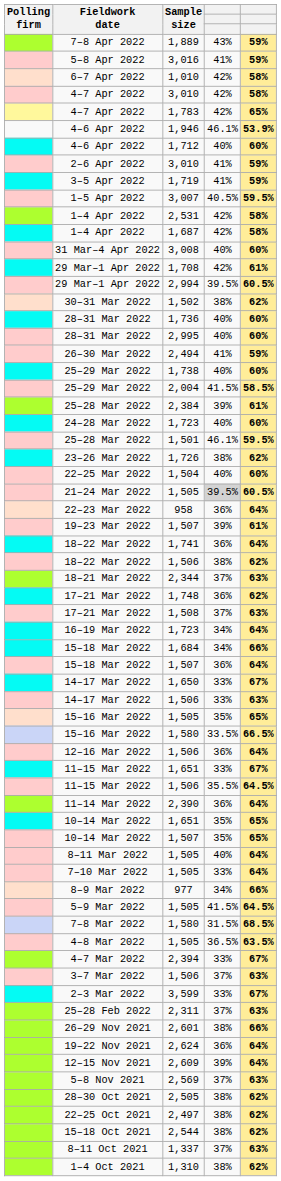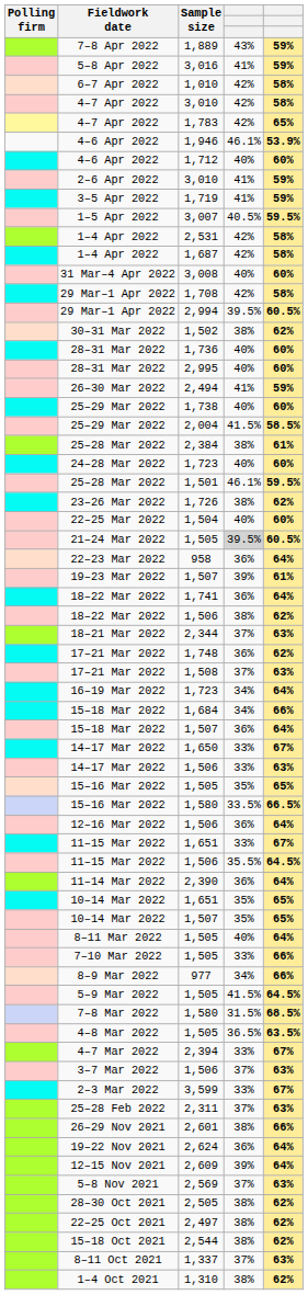 <table class="wikitable mw-collapsible mw-collapsed" style="text-align:center;font-size:90%;line-height:14px;">
 <tr>
 <th rowspan="3">Polling<br>firm</th>
 <th rowspan="3">Fieldwork<br>date</th>
 <th rowspan="3">Sample<br>size</th>
 <th></th>
 <th></th>
 </tr>
 <tr>
 <th></th>
 <th></th>
 </tr>
 <tr>
 <th style="background:"></th>
 <th style="background:"></th>
 </tr>
 <tr>
 <td style="background:greenyellow;"></td>
 <td>7–8 Apr 2022</td>
 <td>1,889</td>
 <td>43%</td>
 <td style="background:#FFED99;"><strong>59%</strong></td>
 </tr>
 <tr>
 <td style="background:#FFCCCC;"></td>
 <td>5–8 Apr 2022</td>
 <td>3,016</td>
 <td>41%</td>
 <td style="background:#FFED99;"><strong>59%</strong></td>
 </tr>
 <tr>
 <td style="background:#FFDFCC;"></td>
 <td>6–7 Apr 2022</td>
 <td>1,010</td>
 <td>42%</td>
 <td style="background:#FFED99;"><strong>58%</strong></td>
 </tr>
 <tr>
 <td style="background:#FFCCCC;"></td>
 <td>4–7 Apr 2022</td>
 <td>3,010</td>
 <td>42%</td>
 <td style="background:#FFED99;"><strong>58%</strong></td>
 </tr>
 <tr>
 <td style="background:#fff89c;"></td>
 <td>4–7 Apr 2022</td>
 <td>1,783</td>
 <td>42%</td>
 <td style="background:#FFED99;"><strong>65%</strong></td>
 </tr>
 <tr>
 <td></td>
 <td>4–6 Apr 2022</td>
 <td>1,946</td>
 <td>46.1%</td>
 <td style="background:#FFED99;"><strong>53.9%</strong></td>
 </tr>
 <tr>
 <td style="background:#04FBF4;"></td>
 <td>4–6 Apr 2022</td>
 <td>1,712</td>
 <td>40%</td>
 <td style="background:#FFED99;"><strong>60%</strong></td>
 </tr>
 <tr>
 <td style="background:#FFCCCC;"></td>
 <td>2–6 Apr 2022</td>
 <td>3,010</td>
 <td>41%</td>
 <td style="background:#FFED99;"><strong>59%</strong></td>
 </tr>
 <tr>
 <td style="background:#04FBF4;"></td>
 <td>3–5 Apr 2022</td>
 <td>1,719</td>
 <td>41%</td>
 <td style="background:#FFED99;"><strong>59%</strong></td>
 </tr>
 <tr>
 <td style="background:#FFCCCC;"></td>
 <td>1–5 Apr 2022</td>
 <td>3,007</td>
 <td>40.5%</td>
 <td style="background:#FFED99;"><strong>59.5%</strong></td>
 </tr>
 <tr>
 <td style="background:greenyellow;"></td>
 <td>1–4 Apr 2022</td>
 <td>2,531</td>
 <td>42%</td>
 <td style="background:#FFED99;"><strong>58%</strong></td>
 </tr>
 <tr>
 <td style="background:#04FBF4;"></td>
 <td>1–4 Apr 2022</td>
 <td>1,687</td>
 <td>42%</td>
 <td style="background:#FFED99;"><strong>58%</strong></td>
 </tr>
 <tr>
 <td style="background:#FFCCCC;"></td>
 <td>31 Mar–4 Apr 2022</td>
 <td>3,008</td>
 <td>40%</td>
 <td style="background:#FFED99;"><strong>60%</strong></td>
 </tr>
 <tr>
 <td style="background:#04FBF4;"></td>
 <td>29 Mar–1 Apr 2022</td>
 <td>1,708</td>
 <td>42%</td>
-<td style="background:#FFED99;"><strong>61%</strong></td>
+<td style="background:#FFED99;"><strong>58%</strong></td>
 </tr>
 <tr>
 <td style="background:#FFCCCC;"></td>
 <td>29 Mar–1 Apr 2022</td>
 <td>2,994</td>
 <td>39.5%</td>
 <td style="background:#FFED99;"><strong>60.5%</strong></td>
 </tr>
 <tr>
 <td style="background:#FFDFCC;"></td>
 <td>30–31 Mar 2022</td>
 <td>1,502</td>
 <td>38%</td>
 <td style="background:#FFED99;"><strong>62%</strong></td>
 </tr>
 <tr>
 <td style="background:#04FBF4;"></td>
 <td>28–31 Mar 2022</td>
 <td>1,736</td>
 <td>40%</td>
 <td style="background:#FFED99;"><strong>60%</strong></td>
 </tr>
 <tr>
 <td style="background:#FFCCCC;"></td>
 <td>28–31 Mar 2022</td>
 <td>2,995</td>
 <td>40%</td>
 <td style="background:#FFED99;"><strong>60%</strong></td>
 </tr>
 <tr>
 <td style="background:#FFCCCC;"></td>
 <td>26–30 Mar 2022</td>
 <td>2,494</td>
 <td>41%</td>
 <td style="background:#FFED99;"><strong>59%</strong></td>
 </tr>
 <tr>
 <td style="background:#04FBF4;"></td>
 <td>25–29 Mar 2022</td>
 <td>1,738</td>
 <td>40%</td>
 <td style="background:#FFED99;"><strong>60%</strong></td>
 </tr>
 <tr>
 <td style="background:#FFCCCC;"></td>
 <td>25–29 Mar 2022</td>
 <td>2,004</td>
 <td>41.5%</td>
 <td style="background:#FFED99;"><strong>58.5%</strong></td>
 </tr>
 <tr>
 <td style="background:greenyellow;"></td>
 <td>25–28 Mar 2022</td>
 <td>2,384</td>
-<td>39%</td>
+<td>38%</td>
 <td style="background:#FFED99;"><strong>61%</strong></td>
 </tr>
 <tr>
 <td style="background:#04FBF4;"></td>
 <td>24–28 Mar 2022</td>
 <td>1,723</td>
 <td>40%</td>
 <td style="background:#FFED99;"><strong>60%</strong></td>
 </tr>
 <tr>
 <td style="background:#FFCCCC;"></td>
 <td>25–28 Mar 2022</td>
 <td>1,501</td>
 <td>46.1%</td>
 <td style="background:#FFED99;"><strong>59.5%</strong></td>
 </tr>
 <tr>
 <td style="background:#04FBF4;"></td>
 <td>23–26 Mar 2022</td>
 <td>1,726</td>
 <td>38%</td>
 <td style="background:#FFED99;"><strong>62%</strong></td>
 </tr>
 <tr>
 <td style="background:#FFCCCC;"></td>
 <td>22–25 Mar 2022</td>
 <td>1,504</td>
 <td>40%</td>
 <td style="background:#FFED99;"><strong>60%</strong></td>
 </tr>
 <tr>
 <td style="background:#FFCCCC;"></td>
 <td>21–24 Mar 2022</td>
 <td>1,505</td>
 <td style="background: lightgrey;">39.5%</td>
 <td style="background:#FFED99;"><strong>60.5%</strong></td>
 </tr>
 <tr>
 <td style="background:#FFDFCC;"></td>
 <td>22–23 Mar 2022</td>
 <td>958</td>
 <td>36%</td>
 <td style="background:#FFED99;"><strong>64%</strong></td>
 </tr>
 <tr>
 <td style="background:#FFCCCC;"></td>
 <td>19–23 Mar 2022</td>
 <td>1,507</td>
 <td>39%</td>
 <td style="background:#FFED99;"><strong>61%</strong></td>
 </tr>
 <tr>
 <td style="background:#04FBF4;"></td>
 <td>18–22 Mar 2022</td>
 <td>1,741</td>
 <td>36%</td>
 <td style="background:#FFED99;"><strong>64%</strong></td>
 </tr>
 <tr>
 <td style="background:#FFCCCC;"></td>
 <td>18–22 Mar 2022</td>
 <td>1,506</td>
 <td>38%</td>
 <td style="background:#FFED99;"><strong>62%</strong></td>
 </tr>
 <tr>
 <td style="background:greenyellow;"></td>
 <td>18–21 Mar 2022</td>
 <td>2,344</td>
 <td>37%</td>
 <td style="background:#FFED99;"><strong>63%</strong></td>
 </tr>
 <tr>
 <td style="background:#04FBF4;"></td>
 <td>17–21 Mar 2022</td>
 <td>1,748</td>
 <td>36%</td>
 <td style="background:#FFED99;"><strong>62%</strong></td>
 </tr>
 <tr>
 <td style="background:#FFCCCC;"></td>
 <td>17–21 Mar 2022</td>
 <td>1,508</td>
 <td>37%</td>
 <td style="background:#FFED99;"><strong>63%</strong></td>
 </tr>
 <tr>
 <td style="background:#04FBF4;"></td>
 <td>16–19 Mar 2022</td>
 <td>1,723</td>
 <td>34%</td>
 <td style="background:#FFED99;"><strong>64%</strong></td>
 </tr>
 <tr>
 <td style="background:#04FBF4;"></td>
 <td>15–18 Mar 2022</td>
 <td>1,684</td>
 <td>34%</td>
 <td style="background:#FFED99;"><strong>66%</strong></td>
 </tr>
 <tr>
 <td style="background:#FFCCCC;"></td>
 <td>15–18 Mar 2022</td>
 <td>1,507</td>
 <td>36%</td>
 <td style="background:#FFED99;"><strong>64%</strong></td>
 </tr>
 <tr>
 <td style="background:#04FBF4;"></td>
 <td>14–17 Mar 2022</td>
 <td>1,650</td>
 <td>33%</td>
 <td style="background:#FFED99;"><strong>67%</strong></td>
 </tr>
 <tr>
 <td style="background:#FFCCCC;"></td>
 <td>14–17 Mar 2022</td>
 <td>1,506</td>
 <td>33%</td>
 <td style="background:#FFED99;"><strong>63%</strong></td>
 </tr>
 <tr>
 <td style="background:#FFDFCC;"></td>
 <td>15–16 Mar 2022</td>
 <td>1,505</td>
 <td>35%</td>
 <td style="background:#FFED99;"><strong>65%</strong></td>
 </tr>
 <tr>
 <td style="background:#CAD5F7"></td>
 <td>15–16 Mar 2022</td>
 <td>1,580</td>
 <td>33.5%</td>
 <td style="background:#FFED99;"><strong>66.5%</strong></td>
 </tr>
 <tr>
 <td style="background:#FFCCCC;"></td>
 <td>12–16 Mar 2022</td>
 <td>1,506</td>
 <td>36%</td>
 <td style="background:#FFED99;"><strong>64%</strong></td>
 </tr>
 <tr>
 <td style="background:#04FBF4;"></td>
 <td>11–15 Mar 2022</td>
 <td>1,651</td>
 <td>33%</td>
 <td style="background:#FFED99;"><strong>67%</strong></td>
 </tr>
 <tr>
 <td style="background:#FFCCCC;"></td>
 <td>11–15 Mar 2022</td>
 <td>1,506</td>
 <td>35.5%</td>
 <td style="background:#FFED99;"><strong>64.5%</strong></td>
 </tr>
 <tr>
 <td style="background:greenyellow;"></td>
 <td>11–14 Mar 2022</td>
 <td>2,390</td>
 <td>36%</td>
 <td style="background:#FFED99;"><strong>64%</strong></td>
 </tr>
 <tr>
 <td style="background:#04FBF4;"></td>
 <td>10–14 Mar 2022</td>
 <td>1,651</td>
 <td>35%</td>
 <td style="background:#FFED99;"><strong>65%</strong></td>
 </tr>
 <tr>
 <td style="background:#FFCCCC;"></td>
 <td>10–14 Mar 2022</td>
 <td>1,507</td>
 <td>35%</td>
 <td style="background:#FFED99;"><strong>65%</strong></td>
 </tr>
 <tr>
 <td style="background:#FFCCCC;"></td>
 <td>8–11 Mar 2022</td>
 <td>1,505</td>
 <td>40%</td>
 <td style="background:#FFED99;"><strong>64%</strong></td>
 </tr>
 <tr>
 <td style="background:#FFCCCC;"></td>
 <td>7–10 Mar 2022</td>
 <td>1,505</td>
 <td>33%</td>
-<td style="background:#FFED99;"><strong>64%</strong></td>
+<td style="background:#FFED99;"><strong>66%</strong></td>
 </tr>
 <tr>
 <td style="background:#FFDFCC;"></td>
 <td>8–9 Mar 2022</td>
 <td>977</td>
 <td>34%</td>
 <td style="background:#FFED99;"><strong>66%</strong></td>
 </tr>
 <tr>
 <td style="background:#FFCCCC;"></td>
 <td>5–9 Mar 2022</td>
 <td>1,505</td>
 <td>41.5%</td>
 <td style="background:#FFED99;"><strong>64.5%</strong></td>
 </tr>
 <tr>
 <td style="background:#CAD5F7"></td>
 <td>7–8 Mar 2022</td>
 <td>1,580</td>
 <td>31.5%</td>
 <td style="background:#FFED99;"><strong>68.5%</strong></td>
 </tr>
 <tr>
 <td style="background:#FFCCCC;"></td>
 <td>4–8 Mar 2022</td>
 <td>1,505</td>
 <td>36.5%</td>
 <td style="background:#FFED99;"><strong>63.5%</strong></td>
 </tr>
 <tr>
 <td style="background:greenyellow;"></td>
 <td>4–7 Mar 2022</td>
 <td>2,394</td>
 <td>33%</td>
 <td style="background:#FFED99;"><strong>67%</strong></td>
 </tr>
 <tr>
 <td style="background:#FFCCCC;"></td>
 <td>3–7 Mar 2022</td>
 <td>1,506</td>
 <td>37%</td>
 <td style="background:#FFED99;"><strong>63%</strong></td>
 </tr>
 <tr>
 <td style="background:#04FBF4;"></td>
 <td>2–3 Mar 2022</td>
 <td>3,599</td>
 <td>33%</td>
 <td style="background:#FFED99;"><strong>67%</strong></td>
 </tr>
 <tr>
 <td style="background:greenyellow;"></td>
 <td>25–28 Feb 2022</td>
 <td>2,311</td>
 <td>37%</td>
 <td style="background:#FFED99;"><strong>63%</strong></td>
 </tr>
 <tr>
 <td style="background:greenyellow;"></td>
 <td>26–29 Nov 2021</td>
 <td>2,601</td>
 <td>38%</td>
 <td style="background:#FFED99;"><strong>66%</strong></td>
 </tr>
 <tr>
 <td style="background:greenyellow;"></td>
 <td>19–22 Nov 2021</td>
 <td>2,624</td>
 <td>36%</td>
 <td style="background:#FFED99;"><strong>64%</strong></td>
 </tr>
 <tr>
 <td style="background:greenyellow;"> </td>
 <td>12–15 Nov 2021</td>
 <td>2,609</td>
 <td>39%</td>
 <td style="background:#FFED99;"><strong>64%</strong></td>
 </tr>
 <tr>
 <td style="background:greenyellow;"></td>
 <td>5–8 Nov 2021</td>
 <td>2,569</td>
 <td>37%</td>
 <td style="background:#FFED99;"><strong>63%</strong></td>
 </tr>
 <tr>
 <td style="background:greenyellow;"></td>
 <td>28–30 Oct 2021</td>
 <td>2,505</td>
 <td>38%</td>
 <td style="background:#FFED99;"><strong>62%</strong></td>
 </tr>
 <tr>
 <td style="background:greenyellow;"></td>
 <td>22–25 Oct 2021</td>
 <td>2,497</td>
 <td>38%</td>
 <td style="background:#FFED99;"><strong>62%</strong></td>
 </tr>
 <tr>
 <td style="background:greenyellow;"></td>
 <td>15–18 Oct 2021</td>
 <td>2,544</td>
 <td>38%</td>
 <td style="background:#FFED99;"><strong>62%</strong></td>
 </tr>
 <tr>
 <td style="background:greenyellow;"></td>
 <td>8–11 Oct 2021</td>
 <td>1,337</td>
 <td>37%</td>
 <td style="background:#FFED99;"><strong>63%</strong></td>
 </tr>
 <tr>
 <td style="background:greenyellow;"></td>
 <td>1–4 Oct 2021</td>
 <td>1,310</td>
 <td>38%</td>
 <td style="background:#FFED99;"><strong>62%</strong></td>
 </tr>
 </table>
